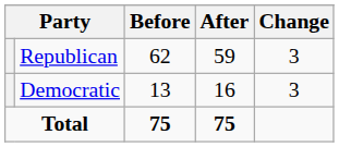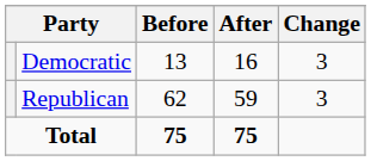 <table class="wikitable" style="text-align:center;">
 <tr>
 </tr>
 <tr>
 <th colspan=2>Party</th>
 <th>Before</th>
 <th>After</th>
 <th>Change</th>
 </tr>
 <tr>
 <th style="background-color:"></th>
-<td style="text-align:left;"><a href='#'>Republican</a></td>
-<td>62</td>
-<td>59</td>
+<td style="text-align:left;"><a href='#'>Democratic</a></td>
+<td>13</td>
+<td>16</td>
 <td> 3</td>
 </tr>
 <tr>
 <th style="background-color:"></th>
-<td style="text-align:left;"><a href='#'>Democratic</a></td>
-<td>13</td>
-<td>16</td>
+<td style="text-align:left;"><a href='#'>Republican</a></td>
+<td>62</td>
+<td>59</td>
 <td> 3</td>
 </tr>
 <tr>
 <td colspan=2><strong>Total</strong></td>
 <td><strong>75</strong></td>
 <td><strong>75</strong></td>
 <td></td>
 </tr>
 </table>
